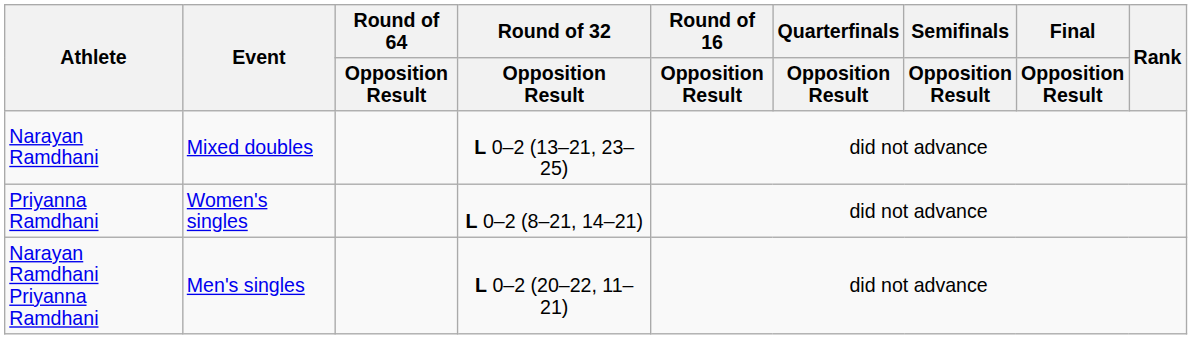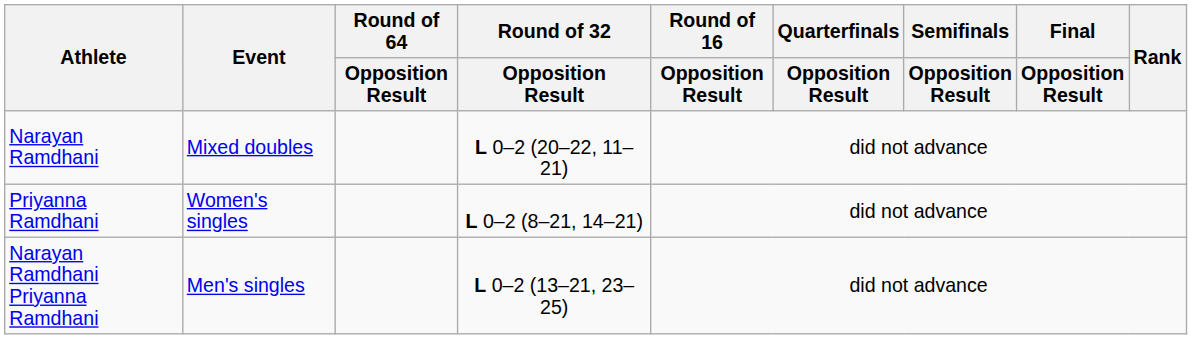 <table class="wikitable" style="font-size:90%">
 <tr>
 <th rowspan="2">Athlete</th>
 <th rowspan="2">Event</th>
 <th>Round of 64</th>
 <th>Round of 32</th>
 <th>Round of 16</th>
 <th>Quarterfinals</th>
 <th>Semifinals</th>
 <th>Final</th>
 <th rowspan="2">Rank</th>
 </tr>
 <tr>
 <th>Opposition<br>Result</th>
 <th>Opposition<br>Result</th>
 <th>Opposition<br>Result</th>
 <th>Opposition<br>Result</th>
 <th>Opposition<br>Result</th>
 <th>Opposition<br>Result</th>
 </tr>
 <tr align=center>
 <td align=left><a href='#'>Narayan Ramdhani</a></td>
 <td align=left><a href='#'>Mixed doubles</a></td>
 <td></td>
-<td><br><strong>L</strong> 0–2 (13–21, 23–25)</td>
+<td><br><strong>L</strong> 0–2 (20–22, 11–21)</td>
 <td colspan=5>did not advance</td>
 </tr>
 <tr align=center>
 <td align=left><a href='#'>Priyanna Ramdhani</a></td>
 <td align=left><a href='#'>Women's singles</a></td>
 <td></td>
 <td><br><strong>L</strong> 0–2 (8–21, 14–21)</td>
 <td colspan=5>did not advance</td>
 </tr>
 <tr align=center>
 <td align=left><a href='#'>Narayan Ramdhani</a><br><a href='#'>Priyanna Ramdhani</a></td>
 <td align=left><a href='#'>Men's singles</a></td>
 <td></td>
-<td><br><strong>L</strong> 0–2 (20–22, 11–21)</td>
+<td><br><strong>L</strong> 0–2 (13–21, 23–25)</td>
 <td colspan=5>did not advance</td>
 </tr>
 </table>
